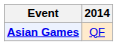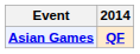 <table class="wikitable" style="font-size: 90%; text-align:center">
 <tr>
 <th>Event</th>
 <th>2014</th>
 </tr>
 <tr>
 <td bgcolor="#ECF2FF"; align="left"><strong><a href='#'>Asian Games</a></strong></td>
-<td bgcolor=FFEBCD><a href='#'>QF</a></td>
+<td bgcolor=FFEBCD><strong><a href='#'>QF</a></strong></td>
 </tr>
 </table>
